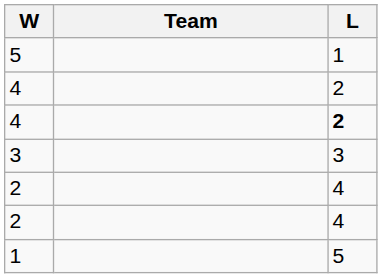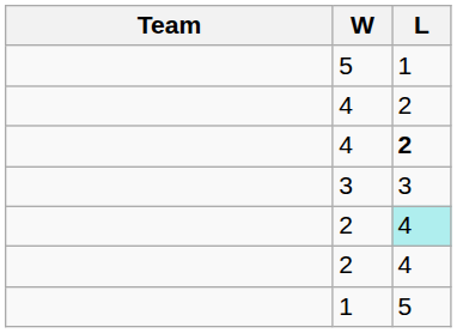 <table class="wikitable">
 <tr>
+<th width="200px">Team</th>
 <th width="30px">W</th>
-<th width="200px">Team</th>
 <th width="30px">L</th>
 </tr>
 <tr>
+<td></td>
 <td>5</td>
-<td></td>
 <td>1</td>
 </tr>
 <tr>
+<td></td>
 <td>4</td>
-<td></td>
 <td>2</td>
 </tr>
 <tr>
+<td></td>
 <td>4</td>
-<td></td>
 <td><strong>2</strong></td>
 </tr>
 <tr>
+<td></td>
 <td>3</td>
-<td></td>
 <td>3</td>
 </tr>
 <tr>
+<td></td>
 <td>2</td>
+<td style="background: paleturquoise;">4</td>
+</tr>
+<tr>
 <td></td>
+<td>2</td>
 <td>4</td>
 </tr>
 <tr>
-<td>2</td>
 <td></td>
-<td>4</td>
-</tr>
-<tr>
 <td>1</td>
-<td></td>
 <td>5</td>
 </tr>
 </table>
